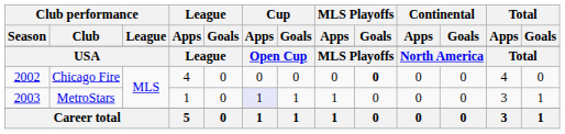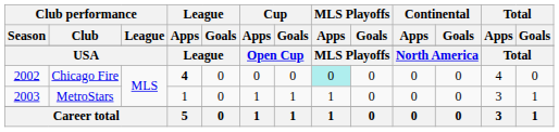 <table class="wikitable" style="text-align:center">
 <tr>
 <th colspan=3>Club performance</th>
 <th colspan=2>League</th>
 <th colspan=2>Cup</th>
 <th colspan=2>MLS Playoffs</th>
 <th colspan=2>Continental</th>
 <th colspan=2>Total</th>
 </tr>
 <tr>
 <th>Season</th>
 <th>Club</th>
 <th>League</th>
 <th>Apps</th>
 <th>Goals</th>
 <th>Apps</th>
 <th>Goals</th>
 <th>Apps</th>
 <th>Goals</th>
 <th>Apps</th>
 <th>Goals</th>
 <th>Apps</th>
 <th>Goals</th>
 </tr>
 <tr>
 </tr>
 <tr>
 <th colspan=3>USA</th>
 <th colspan=2>League</th>
 <th colspan=2><a href='#'>Open Cup</a></th>
 <th colspan=2>MLS Playoffs</th>
 <th colspan=2><a href='#'>North America</a></th>
 <th colspan=2>Total</th>
 </tr>
 <tr>
 <td><a href='#'>2002</a></td>
 <td><a href='#'>Chicago Fire</a></td>
 <td rowspan="2"><a href='#'>MLS</a></td>
-<td>4</td>
+<td><strong>4</strong></td>
 <td>0</td>
 <td>0</td>
 <td>0</td>
+<td style="background: paleturquoise;">0</td>
 <td>0</td>
-<td><strong>0</strong></td>
 <td>0</td>
 <td>0</td>
 <td>4</td>
 <td>0</td>
 </tr>
 <tr>
 <td><a href='#'>2003</a></td>
 <td rowspan="1"><a href='#'>MetroStars</a></td>
 <td>1</td>
 <td>0</td>
-<td style="background: lavender;">1</td>
+<td>1</td>
 <td>1</td>
 <td>1</td>
 <td>0</td>
 <td>0</td>
 <td>0</td>
 <td>3</td>
 <td>1</td>
 </tr>
 <tr>
 </tr>
 <tr>
 <th colspan=3>Career total</th>
 <th>5</th>
 <th>0</th>
 <th>1</th>
 <th>1</th>
 <th>1</th>
 <th>0</th>
 <th>0</th>
 <th>0</th>
 <th>3</th>
 <th>1</th>
 </tr>
 </table>
